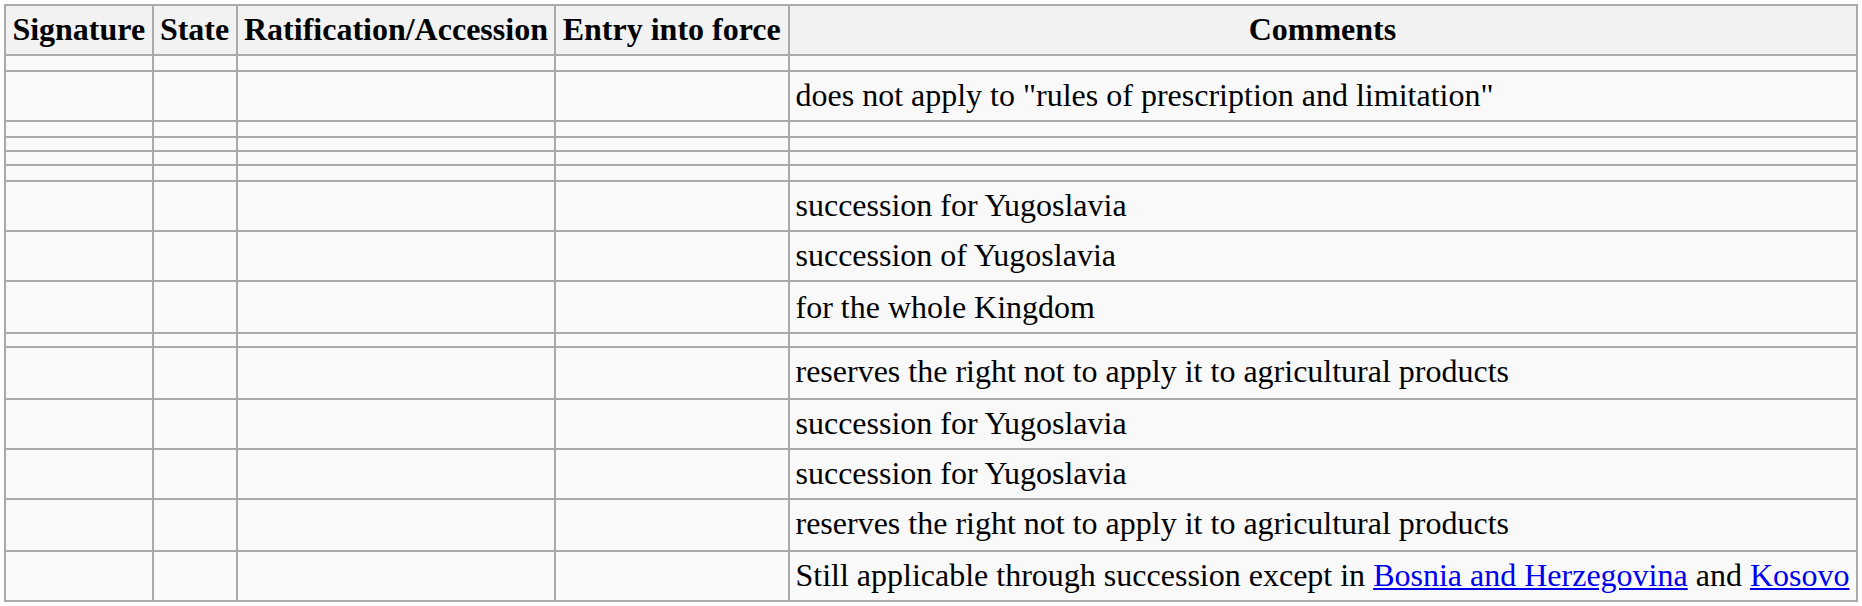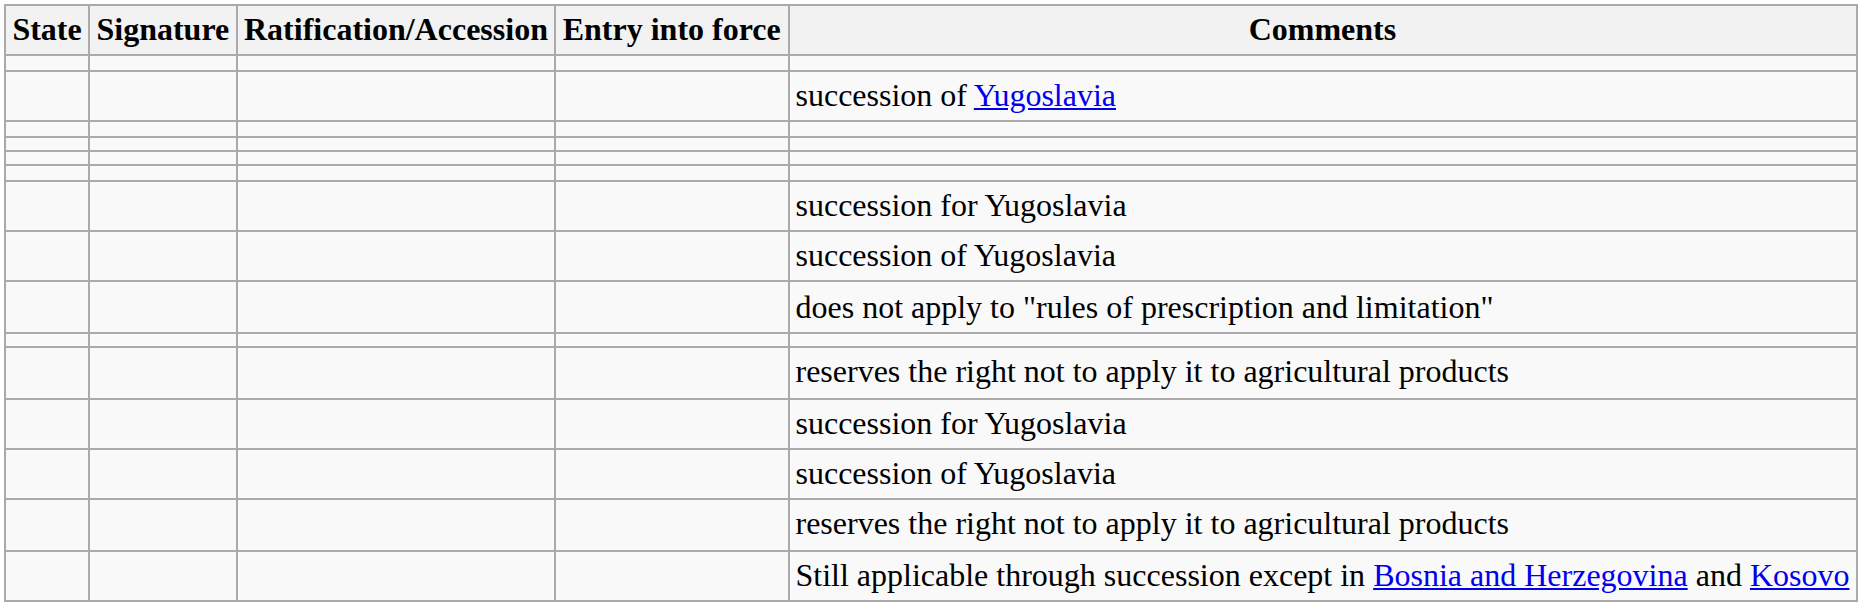 <table class="wikitable sortable">
 <tr>
+<th>State</th>
 <th>Signature</th>
-<th>State</th>
 <th>Ratification/Accession</th>
 <th>Entry into force</th>
 <th>Comments</th>
 </tr>
 <tr>
 <td></td>
 <td></td>
 <td></td>
 <td></td>
 <td></td>
 </tr>
 <tr>
 <td></td>
 <td></td>
 <td></td>
 <td></td>
-<td>does not apply to "rules of prescription and limitation"</td>
+<td>succession of <a href='#'>Yugoslavia</a></td>
 </tr>
 <tr>
 <td></td>
 <td></td>
 <td></td>
 <td></td>
 <td></td>
 </tr>
 <tr>
 <td></td>
 <td></td>
 <td></td>
 <td></td>
 <td></td>
 </tr>
 <tr>
 <td></td>
 <td></td>
 <td></td>
 <td></td>
 <td></td>
 </tr>
 <tr>
 <td></td>
 <td></td>
 <td></td>
 <td></td>
 <td></td>
 </tr>
 <tr>
 <td></td>
 <td></td>
 <td></td>
 <td></td>
 <td>succession for Yugoslavia</td>
 </tr>
 <tr>
 <td></td>
 <td></td>
 <td></td>
 <td></td>
 <td>succession of Yugoslavia</td>
 </tr>
 <tr>
 <td></td>
 <td></td>
 <td></td>
 <td></td>
-<td>for the whole Kingdom</td>
+<td>does not apply to "rules of prescription and limitation"</td>
 </tr>
 <tr>
 <td></td>
 <td></td>
 <td></td>
 <td></td>
 <td></td>
 </tr>
 <tr>
 <td></td>
 <td></td>
 <td></td>
 <td></td>
 <td>reserves the right not to apply it to agricultural products</td>
 </tr>
 <tr>
 <td></td>
 <td></td>
 <td></td>
 <td></td>
 <td>succession for Yugoslavia</td>
 </tr>
 <tr>
 <td></td>
 <td></td>
 <td></td>
 <td></td>
-<td>succession for Yugoslavia</td>
+<td>succession of Yugoslavia</td>
 </tr>
 <tr>
 <td></td>
 <td></td>
 <td></td>
 <td></td>
 <td>reserves the right not to apply it to agricultural products</td>
 </tr>
 <tr>
 <td><em></em></td>
 <td><em></em></td>
 <td><em></em></td>
 <td><em></em></td>
 <td>Still applicable through succession except in <a href='#'>Bosnia and Herzegovina</a> and <a href='#'>Kosovo</a></td>
 </tr>
 </table>
